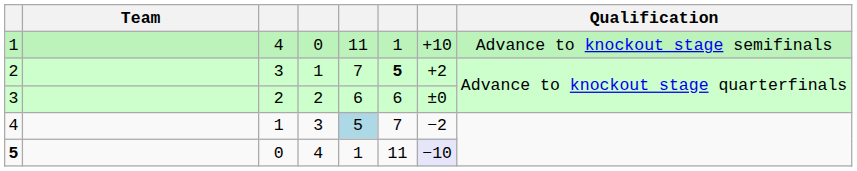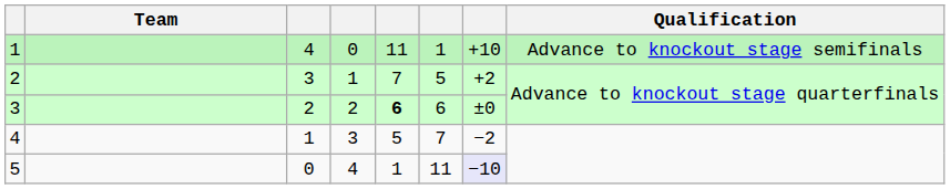 <table class=wikitable style="text-align:center;">
 <tr>
 <th></th>
 <th style="width:180px;">Team</th>
 <th style="width:25px;"></th>
 <th style="width:25px;"></th>
 <th style="width:25px;"></th>
 <th style="width:25px;"></th>
 <th style="width:25px;"></th>
 <th>Qualification</th>
 </tr>
 <tr style="background:#bbf3bb;">
 <td>1</td>
 <td align=left></td>
 <td>4</td>
 <td>0</td>
 <td>11</td>
 <td>1</td>
 <td>+10</td>
 <td>Advance to <a href='#'>knockout stage</a> semifinals</td>
 </tr>
 <tr style="background:#cfc;">
 <td>2</td>
 <td align=left></td>
 <td>3</td>
 <td>1</td>
 <td>7</td>
-<td><strong>5</strong></td>
+<td>5</td>
 <td>+2</td>
 <td rowspan="2">Advance to <a href='#'>knockout stage</a> quarterfinals</td>
 </tr>
 <tr style="background:#cfc;">
 <td>3</td>
 <td align=left></td>
 <td>2</td>
 <td>2</td>
-<td>6</td>
+<td><strong>6</strong></td>
 <td>6</td>
 <td>±0</td>
 </tr>
 <tr>
 <td>4</td>
 <td align=left></td>
 <td>1</td>
 <td>3</td>
-<td style="background: lightblue;">5</td>
+<td>5</td>
 <td>7</td>
 <td>−2</td>
 <td rowspan="2"></td>
 </tr>
 <tr>
-<td><strong>5</strong></td>
+<td>5</td>
 <td align=left></td>
 <td>0</td>
 <td>4</td>
 <td>1</td>
 <td>11</td>
 <td style="background: lavender;">−10</td>
 </tr>
 </table>
